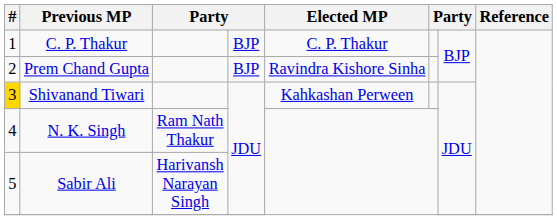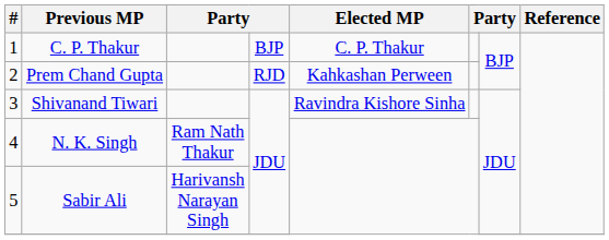 <table class="wikitable">
 <tr>
 <th>#</th>
 <th>Previous MP</th>
 <th colspan=2>Party</th>
 <th>Elected MP</th>
 <th colspan=2>Party</th>
 <th>Reference</th>
 </tr>
 <tr style="text-align:center;">
 <td>1</td>
 <td><a href='#'>C. P. Thakur</a></td>
 <td width="1px"></td>
 <td rowspan=1><a href='#'>BJP</a></td>
 <td><a href='#'>C. P. Thakur</a></td>
 <td width="1px"></td>
 <td rowspan=2><a href='#'>BJP</a></td>
 <td rowspan=5></td>
 </tr>
 <tr style="text-align:center;">
 <td>2</td>
 <td><a href='#'>Prem Chand Gupta</a></td>
 <td width="1px"></td>
-<td rowspan=1><a href='#'>BJP</a></td>
-<td><a href='#'>Ravindra Kishore Sinha</a></td>
+<td rowspan=1><a href='#'>RJD</a></td>
+<td><a href='#'>Kahkashan Perween</a></td>
 </tr>
 <tr style="text-align:center;">
-<td style="background: gold;">3</td>
+<td>3</td>
 <td><a href='#'>Shivanand Tiwari</a></td>
 <td width="1px"></td>
 <td rowspan=3><a href='#'>JDU</a></td>
-<td><a href='#'>Kahkashan Perween</a></td>
+<td><a href='#'>Ravindra Kishore Sinha</a></td>
 <td width="1px"></td>
 <td rowspan=3><a href='#'>JDU</a></td>
 </tr>
 <tr style="text-align:center;">
 <td>4</td>
 <td><a href='#'>N. K. Singh</a></td>
 <td><a href='#'>Ram Nath Thakur</a></td>
 </tr>
 <tr style="text-align:center;">
 <td>5</td>
 <td><a href='#'>Sabir Ali</a></td>
 <td><a href='#'>Harivansh Narayan Singh</a></td>
 </tr>
 <tr style="text-align:center;">
 </tr>
 </table>
